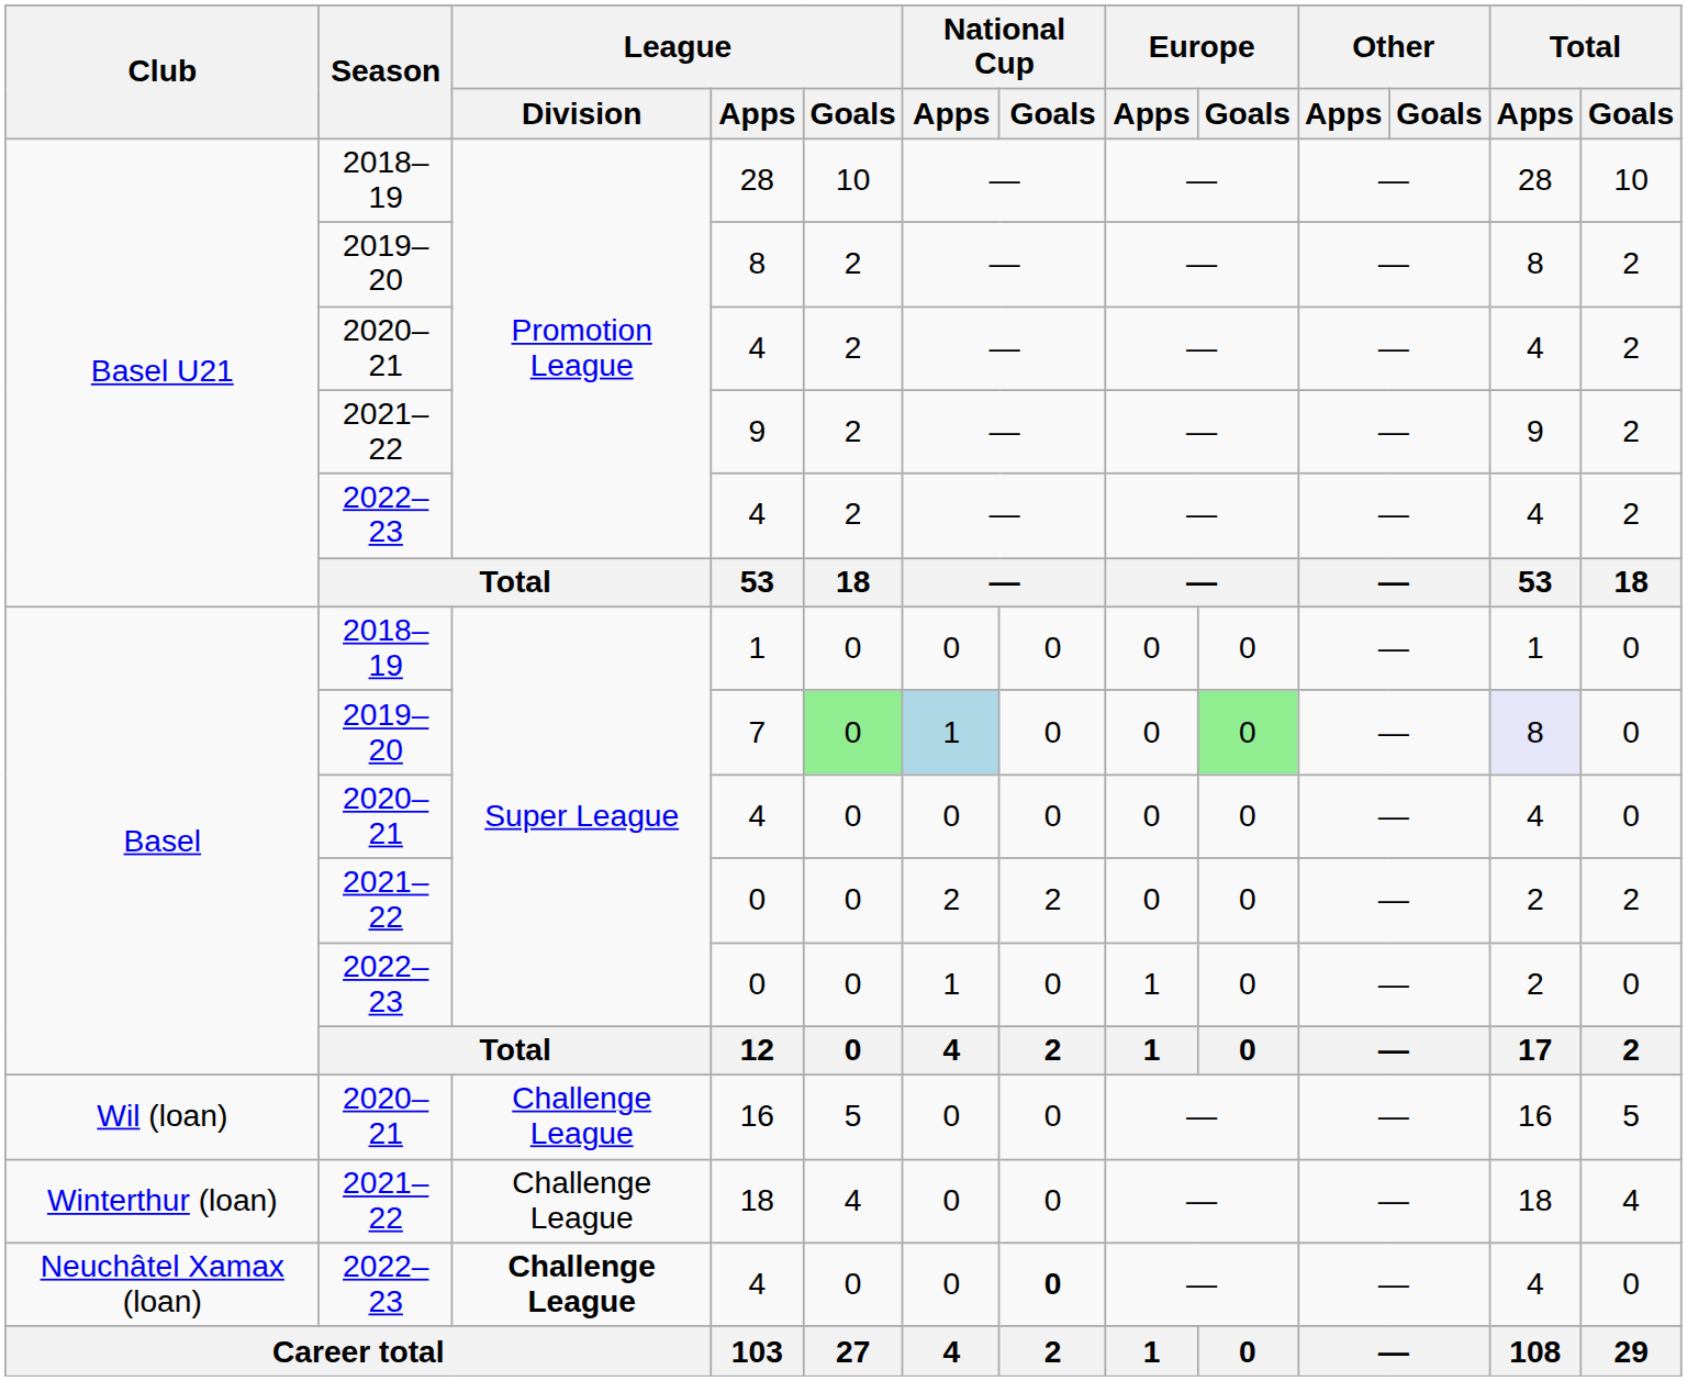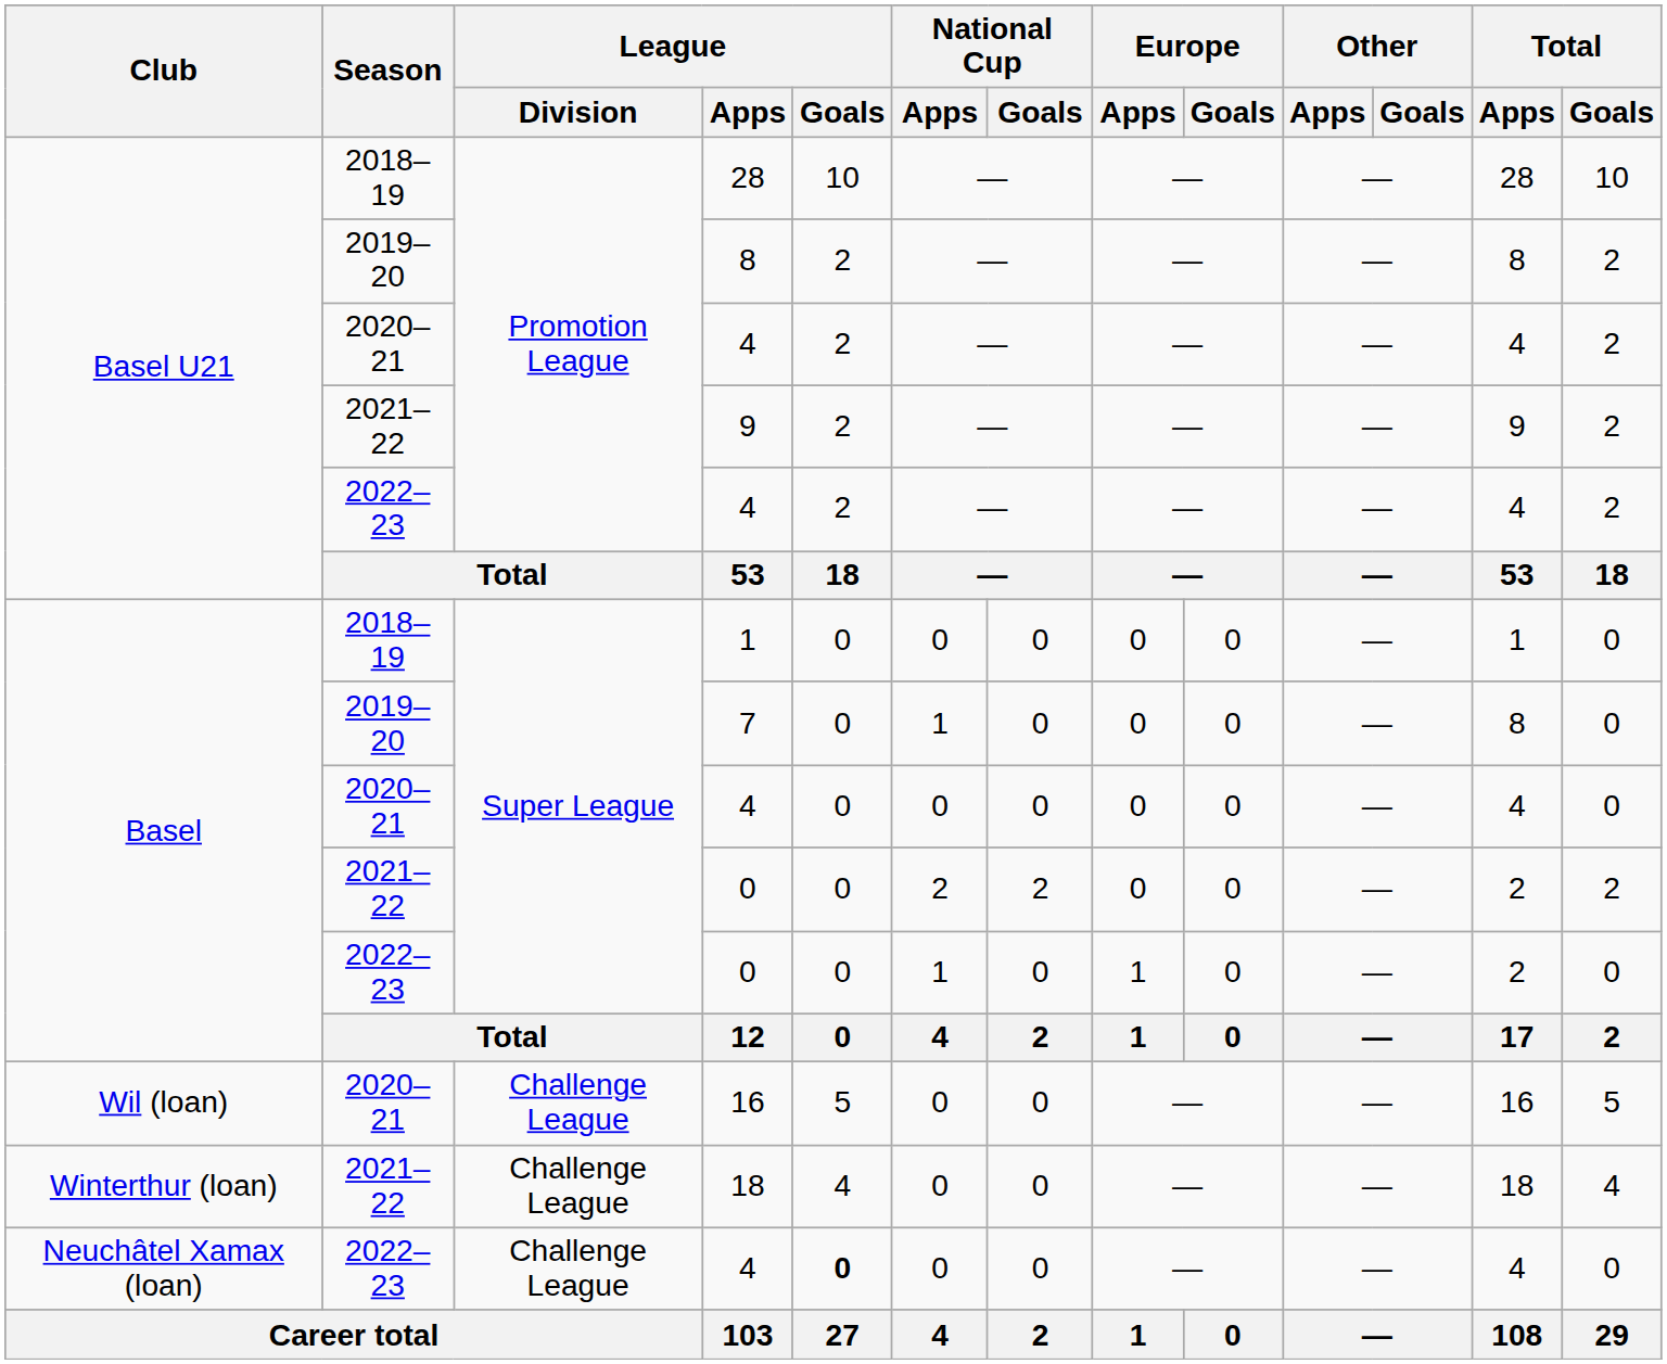 <table class="wikitable" style="text-align:center">
 <tr>
 <th rowspan="2">Club</th>
 <th rowspan="2">Season</th>
 <th colspan="3">League</th>
 <th colspan="2">National Cup</th>
 <th colspan="2">Europe</th>
 <th colspan="2">Other</th>
 <th colspan="2">Total</th>
 </tr>
 <tr>
 <th>Division</th>
 <th>Apps</th>
 <th>Goals</th>
 <th>Apps</th>
 <th>Goals</th>
 <th>Apps</th>
 <th>Goals</th>
 <th>Apps</th>
 <th>Goals</th>
 <th>Apps</th>
 <th>Goals</th>
 </tr>
 <tr>
 <td rowspan="6"><a href='#'>Basel U21</a></td>
 <td>2018–19</td>
 <td rowspan="5"><a href='#'>Promotion League</a></td>
 <td>28</td>
 <td>10</td>
 <td colspan="2">—</td>
 <td colspan="2">—</td>
 <td colspan="2">—</td>
 <td>28</td>
 <td>10</td>
 </tr>
 <tr>
 <td>2019–20</td>
 <td>8</td>
 <td>2</td>
 <td colspan="2">—</td>
 <td colspan="2">—</td>
 <td colspan="2">—</td>
 <td>8</td>
 <td>2</td>
 </tr>
 <tr>
 <td>2020–21</td>
 <td>4</td>
 <td>2</td>
 <td colspan="2">—</td>
 <td colspan="2">—</td>
 <td colspan="2">—</td>
 <td>4</td>
 <td>2</td>
 </tr>
 <tr>
 <td>2021–22</td>
 <td>9</td>
 <td>2</td>
 <td colspan="2">—</td>
 <td colspan="2">—</td>
 <td colspan="2">—</td>
 <td>9</td>
 <td>2</td>
 </tr>
 <tr>
 <td><a href='#'>2022–23</a></td>
 <td>4</td>
 <td>2</td>
 <td colspan="2">—</td>
 <td colspan="2">—</td>
 <td colspan="2">—</td>
 <td>4</td>
 <td>2</td>
 </tr>
 <tr>
 <th colspan="2">Total</th>
 <th>53</th>
 <th>18</th>
 <th colspan="2">—</th>
 <th colspan="2">—</th>
 <th colspan="2">—</th>
 <th>53</th>
 <th>18</th>
 </tr>
 <tr>
 <td rowspan="6"><a href='#'>Basel</a></td>
 <td><a href='#'>2018–19</a></td>
 <td rowspan="5"><a href='#'>Super League</a></td>
 <td>1</td>
 <td>0</td>
 <td>0</td>
 <td>0</td>
 <td>0</td>
 <td>0</td>
 <td colspan="2">—</td>
 <td>1</td>
 <td>0</td>
 </tr>
 <tr>
 <td><a href='#'>2019–20</a></td>
 <td>7</td>
-<td style="background: lightgreen;">0</td>
-<td style="background: lightblue;">1</td>
+<td>0</td>
+<td>1</td>
 <td>0</td>
 <td>0</td>
-<td style="background: lightgreen;">0</td>
+<td>0</td>
 <td colspan="2">—</td>
-<td style="background: lavender;">8</td>
+<td>8</td>
 <td>0</td>
 </tr>
 <tr>
 <td><a href='#'>2020–21</a></td>
 <td>4</td>
 <td>0</td>
 <td>0</td>
 <td>0</td>
 <td>0</td>
 <td>0</td>
 <td colspan="2">—</td>
 <td>4</td>
 <td>0</td>
 </tr>
 <tr>
 <td><a href='#'>2021–22</a></td>
 <td>0</td>
 <td>0</td>
 <td>2</td>
 <td>2</td>
 <td>0</td>
 <td>0</td>
 <td colspan="2">—</td>
 <td>2</td>
 <td>2</td>
 </tr>
 <tr>
 <td><a href='#'>2022–23</a></td>
 <td>0</td>
 <td>0</td>
 <td>1</td>
 <td>0</td>
 <td>1</td>
 <td>0</td>
 <td colspan="2">—</td>
 <td>2</td>
 <td>0</td>
 </tr>
 <tr>
 <th colspan="2">Total</th>
 <th>12</th>
 <th>0</th>
 <th>4</th>
 <th>2</th>
 <th>1</th>
 <th>0</th>
 <th colspan="2">—</th>
 <th>17</th>
 <th>2</th>
 </tr>
 <tr>
 <td><a href='#'>Wil</a> (loan)</td>
 <td><a href='#'>2020–21</a></td>
 <td><a href='#'>Challenge League</a></td>
 <td>16</td>
 <td>5</td>
 <td>0</td>
 <td>0</td>
 <td colspan="2">—</td>
 <td colspan="2">—</td>
 <td>16</td>
 <td>5</td>
 </tr>
 <tr>
 <td><a href='#'>Winterthur</a> (loan)</td>
 <td><a href='#'>2021–22</a></td>
 <td>Challenge League</td>
 <td>18</td>
 <td>4</td>
 <td>0</td>
 <td>0</td>
 <td colspan="2">—</td>
 <td colspan="2">—</td>
 <td>18</td>
 <td>4</td>
 </tr>
 <tr>
 <td><a href='#'>Neuchâtel Xamax</a> (loan)</td>
 <td><a href='#'>2022–23</a></td>
-<td><strong>Challenge League</strong></td>
+<td>Challenge League</td>
 <td>4</td>
+<td><strong>0</strong></td>
 <td>0</td>
 <td>0</td>
-<td><strong>0</strong></td>
 <td colspan="2">—</td>
 <td colspan="2">—</td>
 <td>4</td>
 <td>0</td>
 </tr>
 <tr>
 <th colspan="3">Career total</th>
 <th>103</th>
 <th>27</th>
 <th>4</th>
 <th>2</th>
 <th>1</th>
 <th>0</th>
 <th colspan="2">—</th>
 <th>108</th>
 <th>29</th>
 </tr>
 </table>
